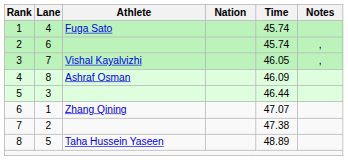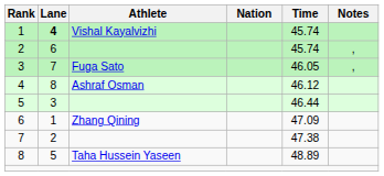 <table class="wikitable sortable" style="text-align:center;width: 60%;">
 <tr>
 <th scope="col" style="width: 10px;">Rank</th>
 <th scope="col" style="width: 10px;">Lane</th>
 <th scope="col">Athlete</th>
 <th scope="col">Nation</th>
 <th scope="col">Time</th>
 <th scope="col">Notes</th>
 </tr>
 <tr bgcolor=bbf3bb>
 <td>1</td>
-<td>4</td>
-<td align="left"><a href='#'>Fuga Sato</a></td>
+<td><strong>4</strong></td>
+<td align="left"><a href='#'>Vishal Kayalvizhi</a></td>
 <td align="left"></td>
 <td>45.74 </td>
 <td></td>
 </tr>
 <tr bgcolor=bbf3bb>
 <td>2</td>
 <td>6</td>
 <td align="left"></td>
 <td align="left"></td>
 <td>45.74 </td>
 <td>, </td>
 </tr>
 <tr bgcolor=bbf3bb>
 <td>3</td>
 <td>7</td>
-<td align="left"><a href='#'>Vishal Kayalvizhi</a></td>
+<td align="left"><a href='#'>Fuga Sato</a></td>
 <td align="left"></td>
 <td>46.05</td>
 <td>, </td>
 </tr>
 <tr bgcolor=ddffdd>
 <td>4</td>
 <td>8</td>
 <td align="left"><a href='#'>Ashraf Osman</a></td>
 <td align="left"></td>
-<td>46.09</td>
+<td>46.12</td>
 <td></td>
 </tr>
 <tr bgcolor=ddffdd>
 <td>5</td>
 <td>3</td>
 <td align="left"></td>
 <td align="left"></td>
 <td>46.44</td>
 <td></td>
 </tr>
 <tr>
 <td>6</td>
 <td>1</td>
 <td align="left"><a href='#'>Zhang Qining</a></td>
 <td align="left"></td>
-<td>47.07</td>
+<td>47.09</td>
 <td></td>
 </tr>
 <tr>
 <td>7</td>
 <td>2</td>
 <td align="left"></td>
 <td align="left"></td>
 <td>47.38</td>
 <td></td>
 </tr>
 <tr>
 <td>8</td>
 <td>5</td>
 <td align="left"><a href='#'>Taha Hussein Yaseen</a></td>
 <td align="left"></td>
 <td>48.89</td>
 <td></td>
 </tr>
 <tr class="sortbottom">
 <td colspan="6"></td>
 </tr>
 </table>
